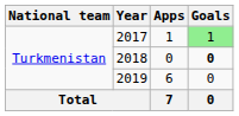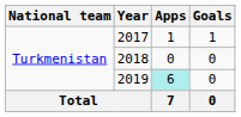 <table class=wikitable style="text-align: center;">
 <tr>
 <th>National team</th>
 <th>Year</th>
 <th>Apps</th>
 <th>Goals</th>
 </tr>
 <tr>
 <td rowspan="3"><a href='#'>Turkmenistan</a></td>
 <td>2017</td>
 <td>1</td>
-<td style="background: lightgreen;">1</td>
+<td>1</td>
 </tr>
 <tr>
 <td>2018</td>
 <td>0</td>
-<td><strong>0</strong></td>
+<td>0</td>
 </tr>
 <tr>
 <td>2019</td>
-<td>6</td>
+<td style="background: paleturquoise;">6</td>
 <td>0</td>
 </tr>
 <tr>
 <th colspan="2">Total</th>
 <th>7</th>
 <th>0</th>
 </tr>
 </table>
